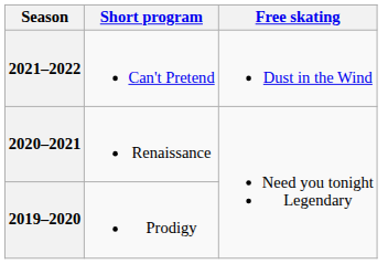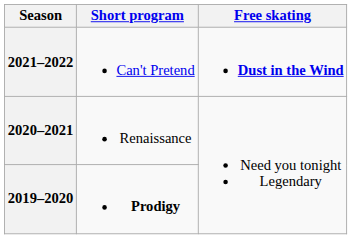 <table class=wikitable style=text-align:center>
 <tr>
 <th>Season</th>
 <th><a href='#'>Short program</a></th>
 <th><a href='#'>Free skating</a></th>
 </tr>
 <tr>
 <th>2021–2022 <br> </th>
 <td><br><ul><li><a href='#'>Can't Pretend</a> <br></li></ul></td>
-<td><br><ul><li><a href='#'>Dust in the Wind</a> <br></li></ul></td>
+<td><strong><br><ul><li><a href='#'>Dust in the Wind</a> <br></li></ul></strong></td>
 </tr>
 <tr>
 <th>2020–2021 <br> </th>
 <td><br><ul><li>Renaissance <br></li></ul></td>
 <td rowspan=2><br><ul><li>Need you tonight <br></li><li>Legendary <br></li></ul></td>
 </tr>
 <tr>
 <th>2019–2020 <br> </th>
-<td><br><ul><li>Prodigy <br></li></ul></td>
+<td><strong><br><ul><li>Prodigy <br></li></ul></strong></td>
 </tr>
 </table>
